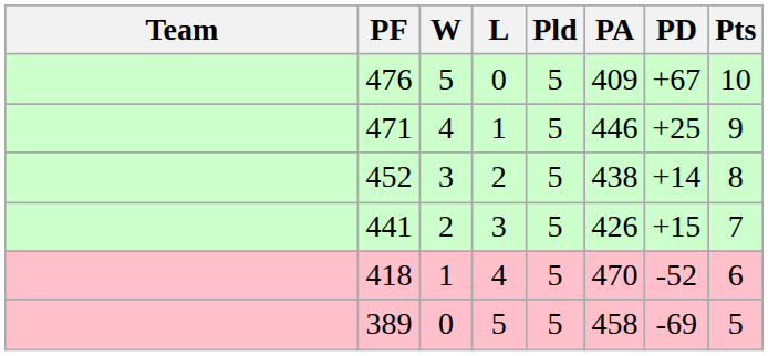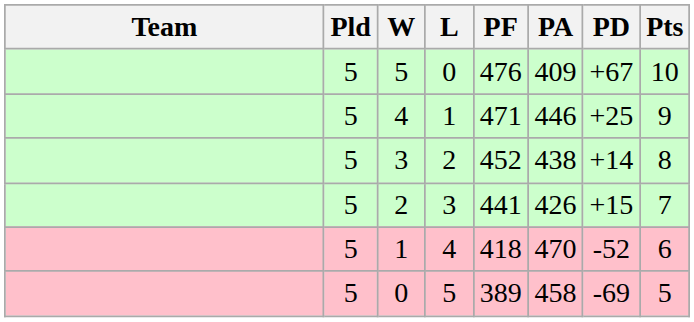 <table class="wikitable" style="text-align:center;">
 <tr>
 <th width=175>Team</th>
-<th width=20  abbr="Points">PF</th>
+<th width=20  abbr="Played">Pld</th>
 <th width=20  abbr="Won">W</th>
 <th width=20  abbr="Lost">L</th>
-<th width=20  abbr="Played">Pld</th>
+<th width=20  abbr="Points">PF</th>
 <th width=20  abbr="Points Against">PA</th>
 <th width=20  abbr="Points Difference">PD</th>
 <th width=20  abbr="Points">Pts</th>
 </tr>
 <tr bgcolor="ccffcc">
 <td style="text-align:left;"></td>
-<td>476</td>
+<td>5</td>
 <td>5</td>
 <td>0</td>
-<td>5</td>
+<td>476</td>
 <td>409</td>
 <td>+67</td>
 <td>10</td>
 </tr>
 <tr bgcolor="ccffcc">
 <td style="text-align:left;"></td>
-<td>471</td>
+<td>5</td>
 <td>4</td>
 <td>1</td>
-<td>5</td>
+<td>471</td>
 <td>446</td>
 <td>+25</td>
 <td>9</td>
 </tr>
 <tr bgcolor="ccffcc">
 <td style="text-align:left;"></td>
-<td>452</td>
+<td>5</td>
 <td>3</td>
 <td>2</td>
-<td>5</td>
+<td>452</td>
 <td>438</td>
 <td>+14</td>
 <td>8</td>
 </tr>
 <tr bgcolor="ccffcc">
 <td style="text-align:left;"></td>
-<td>441</td>
+<td>5</td>
 <td>2</td>
 <td>3</td>
-<td>5</td>
+<td>441</td>
 <td>426</td>
 <td>+15</td>
 <td>7</td>
 </tr>
 <tr bgcolor="pink">
 <td style="text-align:left;"></td>
-<td>418</td>
+<td>5</td>
 <td>1</td>
 <td>4</td>
-<td>5</td>
+<td>418</td>
 <td>470</td>
 <td>-52</td>
 <td>6</td>
 </tr>
 <tr bgcolor="pink">
 <td style="text-align:left;"></td>
-<td>389</td>
+<td>5</td>
 <td>0</td>
 <td>5</td>
-<td>5</td>
+<td>389</td>
 <td>458</td>
 <td>-69</td>
 <td>5</td>
 </tr>
 </table>
